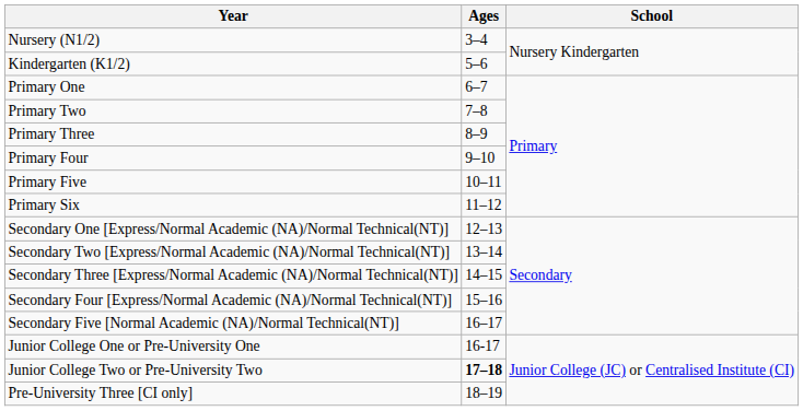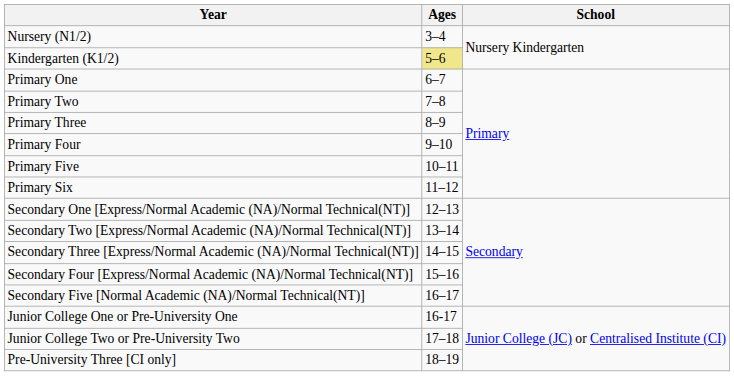 <table class="wikitable">
 <tr>
 <th>Year</th>
 <th>Ages</th>
 <th>School</th>
 </tr>
 <tr>
 <td>Nursery (N1/2)</td>
 <td>3–4</td>
 <td rowspan=2>Nursery  Kindergarten</td>
 </tr>
 <tr>
 <td>Kindergarten (K1/2)</td>
-<td>5–6</td>
+<td style="background: khaki;">5–6</td>
 </tr>
 <tr>
 <td>Primary One</td>
 <td>6–7</td>
 <td rowspan=6><a href='#'>Primary</a></td>
 </tr>
 <tr>
 <td>Primary Two</td>
 <td>7–8</td>
 </tr>
 <tr>
 <td>Primary Three</td>
 <td>8–9</td>
 </tr>
 <tr>
 <td>Primary Four</td>
 <td>9–10</td>
 </tr>
 <tr>
 <td>Primary Five</td>
 <td>10–11</td>
 </tr>
 <tr>
 <td>Primary Six</td>
 <td>11–12</td>
 </tr>
 <tr>
 <td>Secondary One [Express/Normal Academic (NA)/Normal Technical(NT)]</td>
 <td>12–13</td>
 <td rowspan=5><a href='#'>Secondary</a></td>
 </tr>
 <tr>
 <td>Secondary Two [Express/Normal Academic (NA)/Normal Technical(NT)]</td>
 <td>13–14</td>
 </tr>
 <tr>
 <td>Secondary Three [Express/Normal Academic (NA)/Normal Technical(NT)]</td>
 <td>14–15</td>
 </tr>
 <tr>
 <td>Secondary Four [Express/Normal Academic (NA)/Normal Technical(NT)]</td>
 <td>15–16</td>
 </tr>
 <tr>
 <td>Secondary Five [Normal Academic (NA)/Normal Technical(NT)]</td>
 <td>16–17</td>
 </tr>
 <tr>
 <td>Junior College One or Pre-University One</td>
 <td>16-17</td>
 <td rowspan=3><a href='#'>Junior College (JC)</a> or <a href='#'>Centralised Institute (CI)</a></td>
 </tr>
 <tr>
 <td>Junior College Two or Pre-University Two</td>
-<td><strong>17–18</strong></td>
+<td>17–18</td>
 </tr>
 <tr>
 <td>Pre-University Three [CI only]</td>
 <td>18–19</td>
 </tr>
 </table>
